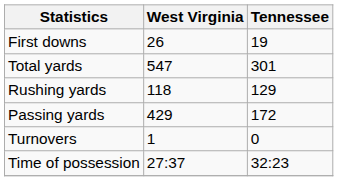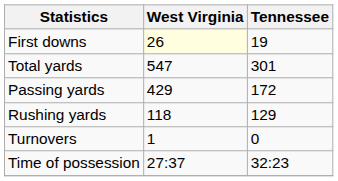 <table class="wikitable" style="float: left;">
 <tr>
 <th>Statistics</th>
 <th>West Virginia</th>
 <th>Tennessee</th>
 </tr>
 <tr>
 <td>First downs</td>
-<td>26</td>
+<td style="background: lightyellow;">26</td>
 <td>19</td>
 </tr>
 <tr>
 <td>Total yards</td>
 <td>547</td>
 <td>301</td>
 </tr>
 <tr>
+<td>Passing yards</td>
+<td>429</td>
+<td>172</td>
+</tr>
+<tr>
 <td>Rushing yards</td>
 <td>118</td>
 <td>129</td>
-</tr>
-<tr>
-<td>Passing yards</td>
-<td>429</td>
-<td>172</td>
 </tr>
 <tr>
 <td>Turnovers</td>
 <td>1</td>
 <td>0</td>
 </tr>
 <tr>
 <td>Time of possession</td>
 <td>27:37</td>
 <td>32:23</td>
 </tr>
 <tr>
 </tr>
 </table>
